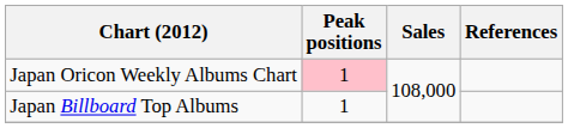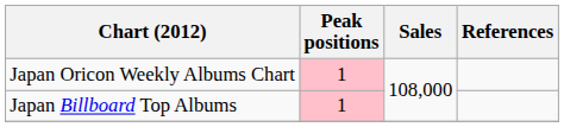 <table class="wikitable sortable">
 <tr>
 <th>Chart (2012)</th>
 <th>Peak<br>positions</th>
 <th>Sales</th>
 <th class="unsortable">References</th>
 </tr>
 <tr>
 <td>Japan Oricon Weekly Albums Chart</td>
 <td style="background: pink; text-align:center;">1</td>
 <td rowspan="2">108,000</td>
 <td></td>
 </tr>
 <tr>
 <td>Japan <em><a href='#'>Billboard</a></em> Top Albums</td>
-<td style="text-align:center;">1</td>
+<td style="background: pink; text-align:center;">1</td>
 <td></td>
 </tr>
 <tr>
 </tr>
 </table>
